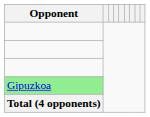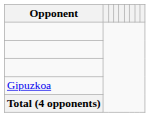 <table class="sortable wikitable plainrowheaders" style="text-align:center">
 <tr>
 <th>Opponent</th>
 <th></th>
 <th></th>
 <th></th>
 <th></th>
 <th></th>
 <th></th>
 <th></th>
 <th></th>
 </tr>
 <tr>
 <td style="text-align:left;"><br></td>
 </tr>
 <tr>
 <td style="text-align:left;"><br></td>
 </tr>
 <tr>
 <td style="text-align:left;"><br></td>
 </tr>
 <tr>
-<td style="background: lightgreen; text-align:left;"> <a href='#'>Gipuzkoa</a><br></td>
+<td style="text-align:left;"> <a href='#'>Gipuzkoa</a><br></td>
 </tr>
 <tr class="sortbottom">
 <th>Total (4 opponents)<br></th>
 </tr>
 </table>
